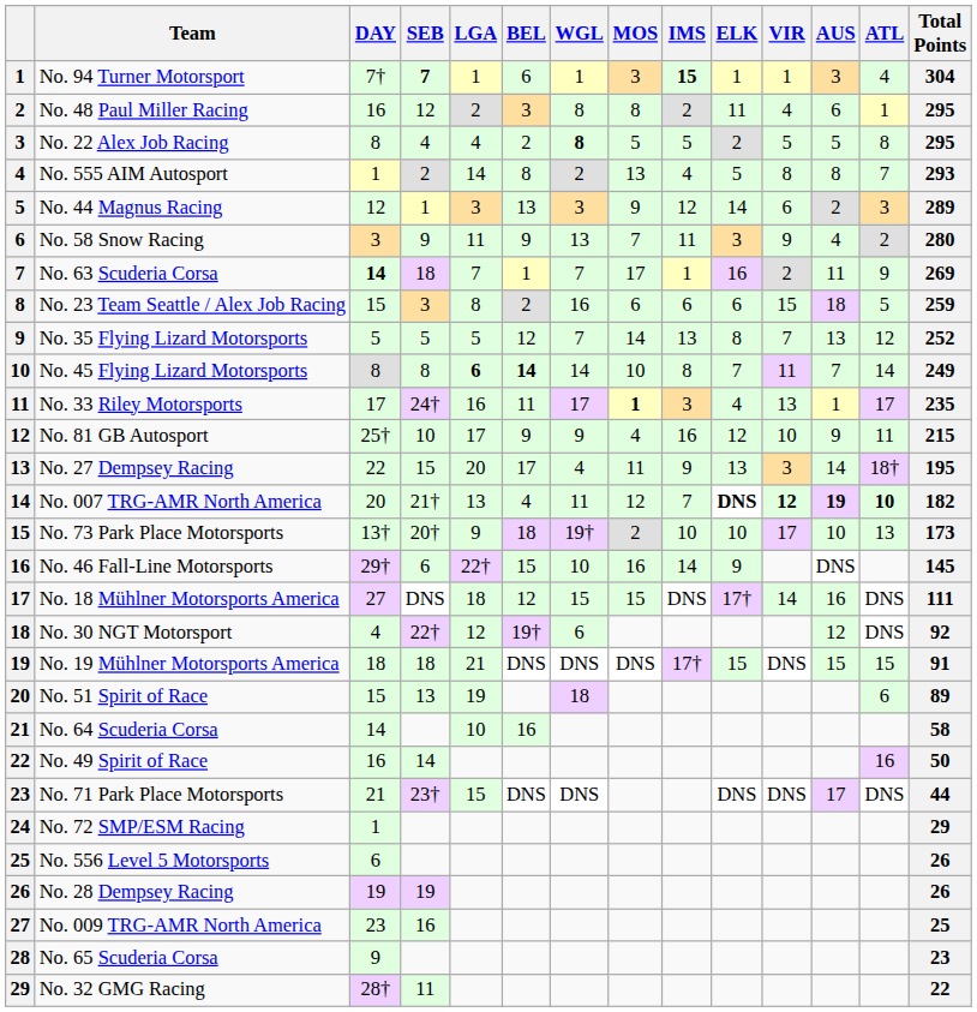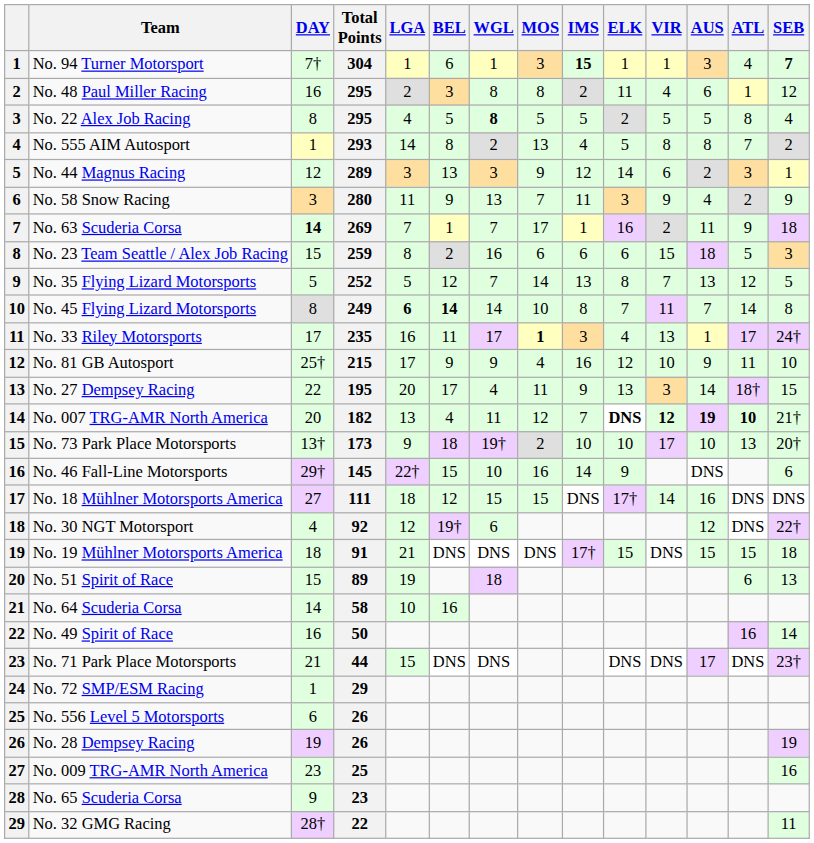 <table class="wikitable" style="font-size:85%; text-align:center">
 <tr>
 <th valign="middle"></th>
 <th valign="middle">Team</th>
 <th><a href='#'>DAY</a></th>
-<th><a href='#'>SEB</a></th>
+<th valign="middle">Total<br>Points</th>
 <th><a href='#'>LGA</a></th>
 <th><a href='#'>BEL</a></th>
 <th><a href='#'>WGL</a></th>
 <th><a href='#'>MOS</a></th>
 <th><a href='#'>IMS</a></th>
 <th><a href='#'>ELK</a></th>
 <th><a href='#'>VIR</a></th>
 <th><a href='#'>AUS</a></th>
 <th><a href='#'>ATL</a></th>
-<th valign="middle">Total<br>Points</th>
+<th><a href='#'>SEB</a></th>
 </tr>
 <tr>
 <th>1</th>
 <td align="left">No. 94 <a href='#'>Turner Motorsport</a></td>
 <td style="background:#dfffdf;">7†</td>
-<td style="background:#dfffdf;"><strong>7</strong></td>
+<th>304</th>
 <td style="background:#FFFFBF;">1</td>
 <td style="background:#dfffdf;">6</td>
 <td style="background:#FFFFBF;">1</td>
 <td style="background:#ffdf9f;">3</td>
 <td style="background:#dfffdf;"><strong>15</strong></td>
 <td style="background:#FFFFBF;">1</td>
 <td style="background:#FFFFBF;">1</td>
 <td style="background:#ffdf9f;">3</td>
 <td style="background:#dfffdf;">4</td>
-<th>304</th>
+<td style="background:#dfffdf;"><strong>7</strong></td>
 </tr>
 <tr>
 <th>2</th>
 <td align="left">No. 48 <a href='#'>Paul Miller Racing</a></td>
 <td style="background:#dfffdf;">16</td>
-<td style="background:#dfffdf;">12</td>
+<th>295</th>
 <td style="background:#dfdfdf;">2</td>
 <td style="background:#ffdf9f;">3</td>
 <td style="background:#dfffdf;">8</td>
 <td style="background:#dfffdf;">8</td>
 <td style="background:#dfdfdf;">2</td>
 <td style="background:#dfffdf;">11</td>
 <td style="background:#dfffdf;">4</td>
 <td style="background:#dfffdf;">6</td>
 <td style="background:#FFFFBF;">1</td>
-<th>295</th>
+<td style="background:#dfffdf;">12</td>
 </tr>
 <tr>
 <th>3</th>
 <td align="left">No. 22 <a href='#'>Alex Job Racing</a></td>
 <td style="background:#dfffdf;">8</td>
+<th>295</th>
 <td style="background:#dfffdf;">4</td>
-<td style="background:#dfffdf;">4</td>
-<td style="background:#dfffdf;">2</td>
+<td style="background:#dfffdf;">5</td>
 <td style="background:#dfffdf;"><strong>8</strong></td>
 <td style="background:#dfffdf;">5</td>
 <td style="background:#dfffdf;">5</td>
 <td style="background:#dfdfdf;">2</td>
 <td style="background:#dfffdf;">5</td>
 <td style="background:#dfffdf;">5</td>
 <td style="background:#dfffdf;">8</td>
-<th>295</th>
+<td style="background:#dfffdf;">4</td>
 </tr>
 <tr>
 <th>4</th>
 <td align="left">No. 555 AIM Autosport</td>
 <td style="background:#FFFFBF;">1</td>
-<td style="background:#dfdfdf;">2</td>
+<th>293</th>
 <td style="background:#dfffdf;">14</td>
 <td style="background:#dfffdf;">8</td>
 <td style="background:#dfdfdf;">2</td>
 <td style="background:#dfffdf;">13</td>
 <td style="background:#dfffdf;">4</td>
 <td style="background:#dfffdf;">5</td>
 <td style="background:#dfffdf;">8</td>
 <td style="background:#dfffdf;">8</td>
 <td style="background:#dfffdf;">7</td>
-<th>293</th>
+<td style="background:#dfdfdf;">2</td>
 </tr>
 <tr>
 <th>5</th>
 <td align="left">No. 44 <a href='#'>Magnus Racing</a></td>
 <td style="background:#dfffdf;">12</td>
-<td style="background:#FFFFBF;">1</td>
+<th>289</th>
 <td style="background:#ffdf9f;">3</td>
 <td style="background:#dfffdf;">13</td>
 <td style="background:#ffdf9f;">3</td>
 <td style="background:#dfffdf;">9</td>
 <td style="background:#dfffdf;">12</td>
 <td style="background:#dfffdf;">14</td>
 <td style="background:#dfffdf;">6</td>
 <td style="background:#dfdfdf;">2</td>
 <td style="background:#ffdf9f;">3</td>
-<th>289</th>
+<td style="background:#FFFFBF;">1</td>
 </tr>
 <tr>
 <th>6</th>
 <td align="left">No. 58 Snow Racing</td>
 <td style="background:#ffdf9f;">3</td>
-<td style="background:#dfffdf;">9</td>
+<th>280</th>
 <td style="background:#dfffdf;">11</td>
 <td style="background:#dfffdf;">9</td>
 <td style="background:#dfffdf;">13</td>
 <td style="background:#dfffdf;">7</td>
 <td style="background:#dfffdf;">11</td>
 <td style="background:#ffdf9f;">3</td>
 <td style="background:#dfffdf;">9</td>
 <td style="background:#dfffdf;">4</td>
 <td style="background:#dfdfdf;">2</td>
-<th>280</th>
+<td style="background:#dfffdf;">9</td>
 </tr>
 <tr>
 <th>7</th>
 <td align="left">No. 63 <a href='#'>Scuderia Corsa</a></td>
 <td style="background:#dfffdf;"><strong>14</strong></td>
-<td style="background:#efcfff;">18</td>
+<th>269</th>
 <td style="background:#dfffdf;">7</td>
 <td style="background:#FFFFBF;">1</td>
 <td style="background:#dfffdf;">7</td>
 <td style="background:#dfffdf;">17</td>
 <td style="background:#FFFFBF;">1</td>
 <td style="background:#efcfff;">16</td>
 <td style="background:#dfdfdf;">2</td>
 <td style="background:#dfffdf;">11</td>
 <td style="background:#dfffdf;">9</td>
-<th>269</th>
+<td style="background:#efcfff;">18</td>
 </tr>
 <tr>
 <th>8</th>
 <td align="left">No. 23 <a href='#'>Team Seattle / Alex Job Racing</a></td>
 <td style="background:#dfffdf;">15</td>
-<td style="background:#ffdf9f;">3</td>
+<th>259</th>
 <td style="background:#dfffdf;">8</td>
 <td style="background:#dfdfdf;">2</td>
 <td style="background:#dfffdf;">16</td>
 <td style="background:#dfffdf;">6</td>
 <td style="background:#dfffdf;">6</td>
 <td style="background:#dfffdf;">6</td>
 <td style="background:#dfffdf;">15</td>
 <td style="background:#efcfff;">18</td>
 <td style="background:#dfffdf;">5</td>
-<th>259</th>
+<td style="background:#ffdf9f;">3</td>
 </tr>
 <tr>
 <th>9</th>
 <td align="left">No. 35 <a href='#'>Flying Lizard Motorsports</a></td>
 <td style="background:#dfffdf;">5</td>
-<td style="background:#dfffdf;">5</td>
+<th>252</th>
 <td style="background:#dfffdf;">5</td>
 <td style="background:#dfffdf;">12</td>
 <td style="background:#dfffdf;">7</td>
 <td style="background:#dfffdf;">14</td>
 <td style="background:#dfffdf;">13</td>
 <td style="background:#dfffdf;">8</td>
 <td style="background:#dfffdf;">7</td>
 <td style="background:#dfffdf;">13</td>
 <td style="background:#dfffdf;">12</td>
-<th>252</th>
+<td style="background:#dfffdf;">5</td>
 </tr>
 <tr>
 <th>10</th>
 <td align="left">No. 45 <a href='#'>Flying Lizard Motorsports</a></td>
 <td style="background:#dfdfdf;">8</td>
-<td style="background:#dfffdf;">8</td>
+<th>249</th>
 <td style="background:#dfffdf;"><strong>6</strong></td>
 <td style="background:#dfffdf;"><strong>14</strong></td>
 <td style="background:#dfffdf;">14</td>
 <td style="background:#dfffdf;">10</td>
 <td style="background:#dfffdf;">8</td>
 <td style="background:#dfffdf;">7</td>
 <td style="background:#efcfff;">11</td>
 <td style="background:#dfffdf;">7</td>
 <td style="background:#dfffdf;">14</td>
-<th>249</th>
+<td style="background:#dfffdf;">8</td>
 </tr>
 <tr>
 <th>11</th>
 <td align="left">No. 33 <a href='#'>Riley Motorsports</a></td>
 <td style="background:#DFFFDF;">17</td>
-<td style="background:#EFCFFF;">24†</td>
+<th>235</th>
 <td style="background:#DFFFDF;">16</td>
 <td style="background:#DFFFDF;">11</td>
 <td style="background:#EFCFFF;">17</td>
 <td style="background:#FFFFBF;”"><strong>1</strong></td>
 <td style="background:#FFDF9F;”">3</td>
 <td style="background:#DFFFDF;">4</td>
 <td style="background:#DFFFDF;">13</td>
 <td style="background:#FFFFBF;”">1</td>
 <td style="background:#EFCFFF;">17</td>
-<th>235</th>
+<td style="background:#EFCFFF;">24†</td>
 </tr>
 <tr>
 <th>12</th>
 <td align="left">No. 81 GB Autosport</td>
 <td style="background:#DFFFDF;">25†</td>
-<td style="background:#DFFFDF;">10</td>
+<th>215</th>
 <td style="background:#DFFFDF;">17</td>
 <td style="background:#DFFFDF;">9</td>
 <td style="background:#DFFFDF;">9</td>
 <td style="background:#DFFFDF;">4</td>
 <td style="background:#DFFFDF;">16</td>
 <td style="background:#DFFFDF;">12</td>
 <td style="background:#DFFFDF;">10</td>
 <td style="background:#DFFFDF;">9</td>
 <td style="background:#DFFFDF;">11</td>
-<th>215</th>
+<td style="background:#DFFFDF;">10</td>
 </tr>
 <tr>
 <th>13</th>
 <td align="left">No. 27 <a href='#'>Dempsey Racing</a></td>
 <td style="background:#DFFFDF;">22</td>
-<td style="background:#DFFFDF;">15</td>
+<th>195</th>
 <td style="background:#DFFFDF;">20</td>
 <td style="background:#DFFFDF;">17</td>
 <td style="background:#DFFFDF;">4</td>
 <td style="background:#DFFFDF;">11</td>
 <td style="background:#DFFFDF;">9</td>
 <td style="background:#DFFFDF;">13</td>
 <td style="background:#FFDF9F;”">3</td>
 <td style="background:#DFFFDF;">14</td>
 <td style="background:#EFCFFF;">18†</td>
-<th>195</th>
+<td style="background:#DFFFDF;">15</td>
 </tr>
 <tr>
 <th>14</th>
 <td align="left">No. 007 <a href='#'>TRG-AMR North America</a></td>
 <td style="background:#DFFFDF;">20</td>
-<td style="background:#DFFFDF;">21†</td>
+<th>182</th>
 <td style="background:#DFFFDF;">13</td>
 <td style="background:#DFFFDF;">4</td>
 <td style="background:#DFFFDF;">11</td>
 <td style="background:#DFFFDF;">12</td>
 <td style="background:#DFFFDF;">7</td>
 <td style="background:#ffffff;”"><strong>DNS</strong></td>
 <td style="background:#DFFFDF;"><strong>12</strong></td>
 <td style="background:#EFCFFF;"><strong>19</strong></td>
 <td style="background:#DFFFDF;"><strong>10</strong></td>
-<th>182</th>
+<td style="background:#DFFFDF;">21†</td>
 </tr>
 <tr>
 <th>15</th>
 <td align="left">No. 73 Park Place Motorsports</td>
 <td style="background:#DFFFDF;">13†</td>
-<td style="background:#DFFFDF;">20†</td>
+<th>173</th>
 <td style="background:#DFFFDF;">9</td>
 <td style="background:#EFCFFF;">18</td>
 <td style="background:#EFCFFF;">19†</td>
 <td style="background:#DFDFDF;”">2</td>
 <td style="background:#DFFFDF;">10</td>
 <td style="background:#DFFFDF;">10</td>
 <td style="background:#EFCFFF;">17</td>
 <td style="background:#DFFFDF;">10</td>
 <td style="background:#DFFFDF;">13</td>
-<th>173</th>
+<td style="background:#DFFFDF;">20†</td>
 </tr>
 <tr>
 <th>16</th>
 <td align="left">No. 46 Fall-Line Motorsports</td>
 <td style="background:#EFCFFF;">29†</td>
-<td style="background:#DFFFDF;">6</td>
+<th>145</th>
 <td style="background:#EFCFFF;">22†</td>
 <td style="background:#DFFFDF;">15</td>
 <td style="background:#DFFFDF;">10</td>
 <td style="background:#DFFFDF;">16</td>
 <td style="background:#DFFFDF;">14</td>
 <td style="background:#DFFFDF;">9</td>
 <td></td>
 <td style="background:#ffffff;”">DNS</td>
 <td></td>
-<th>145</th>
+<td style="background:#DFFFDF;">6</td>
 </tr>
 <tr>
 <th>17</th>
 <td align="left">No. 18 <a href='#'>Mühlner Motorsports America</a></td>
 <td style="background:#EFCFFF;">27</td>
-<td style="background:#ffffff;”">DNS</td>
+<th>111</th>
 <td style="background:#DFFFDF;">18</td>
 <td style="background:#DFFFDF;">12</td>
 <td style="background:#DFFFDF;">15</td>
 <td style="background:#DFFFDF;">15</td>
 <td style="background:#ffffff;”">DNS</td>
 <td style="background:#EFCFFF;">17†</td>
 <td style="background:#DFFFDF;">14</td>
 <td style="background:#DFFFDF;">16</td>
 <td style="background:#ffffff;”">DNS</td>
-<th>111</th>
+<td style="background:#ffffff;”">DNS</td>
 </tr>
 <tr>
 <th>18</th>
 <td align="left">No. 30 NGT Motorsport</td>
 <td style="background:#DFFFDF;">4</td>
-<td style="background:#EFCFFF;">22†</td>
+<th>92</th>
 <td style="background:#DFFFDF;">12</td>
 <td style="background:#EFCFFF;">19†</td>
 <td style="background:#DFFFDF;">6</td>
 <td></td>
 <td></td>
 <td></td>
 <td></td>
 <td style="background:#DFFFDF;">12</td>
 <td style="background:#ffffff;”">DNS</td>
-<th>92</th>
+<td style="background:#EFCFFF;">22†</td>
 </tr>
 <tr>
 <th>19</th>
 <td align="left">No. 19 <a href='#'>Mühlner Motorsports America</a></td>
 <td style="background:#DFFFDF;">18</td>
-<td style="background:#DFFFDF;">18</td>
+<th>91</th>
 <td style="background:#DFFFDF;">21</td>
 <td style="background:#ffffff;”">DNS</td>
 <td style="background:#ffffff;”">DNS</td>
 <td style="background:#ffffff;”">DNS</td>
 <td style="background:#EFCFFF;">17†</td>
 <td style="background:#DFFFDF;">15</td>
 <td style="background:#ffffff;”">DNS</td>
 <td style="background:#DFFFDF;">15</td>
 <td style="background:#DFFFDF;">15</td>
-<th>91</th>
+<td style="background:#DFFFDF;">18</td>
 </tr>
 <tr>
 <th>20</th>
 <td align="left">No. 51 <a href='#'>Spirit of Race</a></td>
 <td style="background:#DFFFDF;">15</td>
-<td style="background:#DFFFDF;">13</td>
+<th>89</th>
 <td style="background:#DFFFDF;">19</td>
 <td></td>
 <td style="background:#EFCFFF;">18</td>
 <td></td>
 <td></td>
 <td></td>
 <td></td>
 <td></td>
 <td style="background:#DFFFDF;">6</td>
-<th>89</th>
+<td style="background:#DFFFDF;">13</td>
 </tr>
 <tr>
 <th>21</th>
 <td align="left">No. 64 <a href='#'>Scuderia Corsa</a></td>
 <td style="background:#DFFFDF;">14</td>
-<td></td>
+<th>58</th>
 <td style="background:#DFFFDF;">10</td>
 <td style="background:#DFFFDF;">16</td>
 <td></td>
 <td></td>
 <td></td>
 <td></td>
 <td></td>
 <td></td>
 <td></td>
-<th>58</th>
+<td></td>
 </tr>
 <tr>
 <th>22</th>
 <td align="left">No. 49 <a href='#'>Spirit of Race</a></td>
 <td style="background:#DFFFDF;">16</td>
-<td style="background:#DFFFDF;">14</td>
+<th>50</th>
 <td></td>
 <td></td>
 <td></td>
 <td></td>
 <td></td>
 <td></td>
 <td></td>
 <td></td>
 <td style="background:#EFCFFF;">16</td>
-<th>50</th>
+<td style="background:#DFFFDF;">14</td>
 </tr>
 <tr>
 <th>23</th>
 <td align="left">No. 71 Park Place Motorsports</td>
 <td style="background:#DFFFDF;">21</td>
-<td style="background:#EFCFFF;">23†</td>
+<th>44</th>
 <td style="background:#DFFFDF;">15</td>
 <td style="background:#ffffff;”">DNS</td>
 <td style="background:#ffffff;”">DNS</td>
 <td></td>
 <td></td>
 <td style="background:#ffffff;”">DNS</td>
 <td style="background:#ffffff;”">DNS</td>
 <td style="background:#EFCFFF;">17</td>
 <td style="background:#ffffff;”">DNS</td>
-<th>44</th>
+<td style="background:#EFCFFF;">23†</td>
 </tr>
 <tr>
 <th>24</th>
 <td align="left">No. 72 <a href='#'>SMP/ESM Racing</a></td>
 <td style="background:#DFFFDF;">1</td>
+<th>29</th>
 <td></td>
 <td></td>
 <td></td>
 <td></td>
 <td></td>
 <td></td>
 <td></td>
 <td></td>
 <td></td>
 <td></td>
-<th>29</th>
 </tr>
 <tr>
 <th>25</th>
 <td align="left">No. 556 <a href='#'>Level 5 Motorsports</a></td>
 <td style="background:#DFFFDF;">6</td>
+<th>26</th>
 <td></td>
 <td></td>
 <td></td>
 <td></td>
 <td></td>
 <td></td>
 <td></td>
 <td></td>
 <td></td>
 <td></td>
-<th>26</th>
 </tr>
 <tr>
 <th>26</th>
 <td align="left">No. 28 <a href='#'>Dempsey Racing</a></td>
 <td style="background:#EFCFFF;">19</td>
-<td style="background:#EFCFFF;">19</td>
+<th>26</th>
 <td></td>
 <td></td>
 <td></td>
 <td></td>
 <td></td>
 <td></td>
 <td></td>
 <td></td>
 <td></td>
-<th>26</th>
+<td style="background:#EFCFFF;">19</td>
 </tr>
 <tr>
 <th>27</th>
 <td align="left">No. 009 <a href='#'>TRG-AMR North America</a></td>
 <td style="background:#DFFFDF;">23</td>
-<td style="background:#DFFFDF;">16</td>
+<th>25</th>
 <td></td>
 <td></td>
 <td></td>
 <td></td>
 <td></td>
 <td></td>
 <td></td>
 <td></td>
 <td></td>
-<th>25</th>
+<td style="background:#DFFFDF;">16</td>
 </tr>
 <tr>
 <th>28</th>
 <td align="left">No. 65 <a href='#'>Scuderia Corsa</a></td>
 <td style="background:#DFFFDF;">9</td>
+<th>23</th>
 <td></td>
 <td></td>
 <td></td>
 <td></td>
 <td></td>
 <td></td>
 <td></td>
 <td></td>
 <td></td>
 <td></td>
-<th>23</th>
 </tr>
 <tr>
 <th>29</th>
 <td align="left">No. 32 GMG Racing</td>
 <td style="background:#EFCFFF;">28†</td>
-<td style="background:#DFFFDF;">11</td>
+<th>22</th>
 <td></td>
 <td></td>
 <td></td>
 <td></td>
 <td></td>
 <td></td>
 <td></td>
 <td></td>
 <td></td>
-<th>22</th>
+<td style="background:#DFFFDF;">11</td>
 </tr>
 </table>
